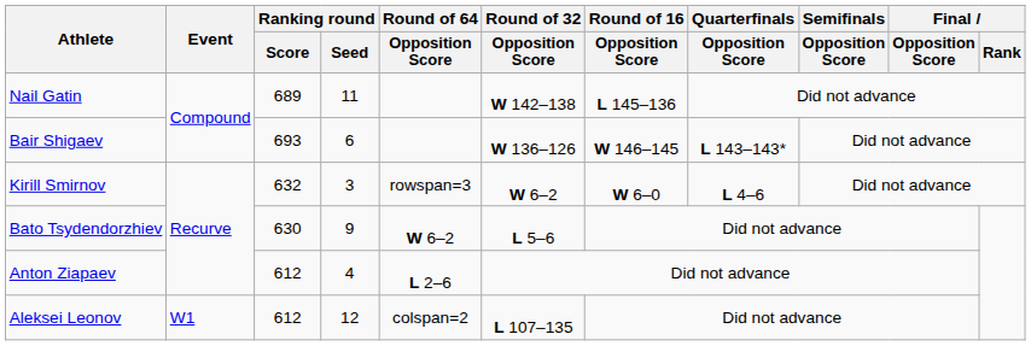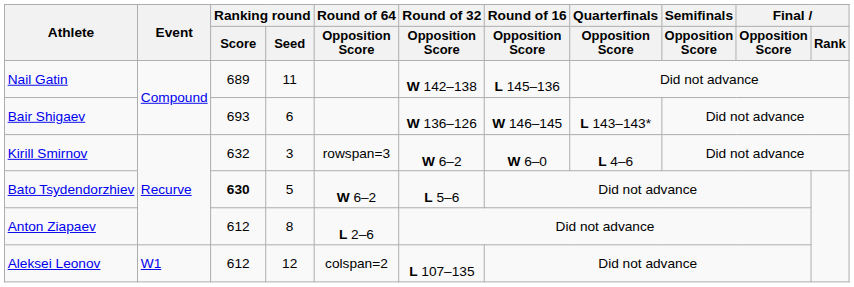 <table class="wikitable" style="text-align:center; font-size:90%">
 <tr>
 <th rowspan=2>Athlete</th>
 <th rowspan=2>Event</th>
 <th colspan=2>Ranking round</th>
 <th>Round of 64</th>
 <th>Round of 32</th>
 <th>Round of 16</th>
 <th>Quarterfinals</th>
 <th>Semifinals</th>
 <th colspan=2>Final / </th>
 </tr>
 <tr style="font-size:95%">
 <th>Score</th>
 <th>Seed</th>
 <th>Opposition<br>Score</th>
 <th>Opposition<br>Score</th>
 <th>Opposition<br>Score</th>
 <th>Opposition<br>Score</th>
 <th>Opposition<br>Score</th>
 <th>Opposition<br>Score</th>
 <th>Rank</th>
 </tr>
 <tr>
 <td align=left><a href='#'>Nail Gatin</a></td>
 <td rowspan=2 align=left><a href='#'>Compound</a></td>
 <td>689</td>
 <td>11</td>
 <td></td>
 <td><br><strong>W</strong> 142–138</td>
 <td><br><strong>L</strong> 145–136</td>
 <td colspan=4>Did not advance</td>
 </tr>
 <tr>
 <td align=left><a href='#'>Bair Shigaev</a></td>
 <td>693</td>
 <td>6</td>
 <td></td>
 <td><br><strong>W</strong> 136–126</td>
 <td><br><strong>W</strong> 146–145</td>
 <td><br><strong>L</strong> 143–143*</td>
 <td colspan=3>Did not advance</td>
 </tr>
 <tr>
 <td align=left><a href='#'>Kirill Smirnov</a></td>
 <td rowspan=3 align=left><a href='#'>Recurve</a></td>
 <td>632</td>
 <td>3</td>
 <td>rowspan=3 </td>
 <td><br><strong>W</strong> 6–2</td>
 <td><br><strong>W</strong> 6–0</td>
 <td><br><strong>L</strong> 4–6</td>
 <td colspan=3>Did not advance</td>
 </tr>
 <tr>
 <td align=left><a href='#'>Bato Tsydendorzhiev</a></td>
-<td>630</td>
-<td>9</td>
+<td><strong>630</strong></td>
+<td>5</td>
 <td><br><strong>W</strong> 6–2</td>
 <td><br><strong>L</strong> 5–6</td>
 <td colspan=4>Did not advance</td>
 </tr>
 <tr>
 <td align=left><a href='#'>Anton Ziapaev</a></td>
 <td>612</td>
-<td>4</td>
+<td>8</td>
 <td><br><strong>L</strong> 2–6</td>
 <td colspan=5>Did not advance</td>
 </tr>
 <tr>
 <td align=left><a href='#'>Aleksei Leonov</a></td>
 <td align=left><a href='#'>W1</a></td>
 <td>612</td>
 <td>12</td>
 <td>colspan=2 </td>
 <td><br><strong>L</strong> 107–135</td>
 <td colspan=4>Did not advance</td>
 </tr>
 </table>
